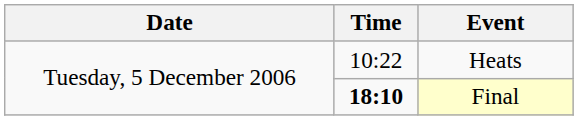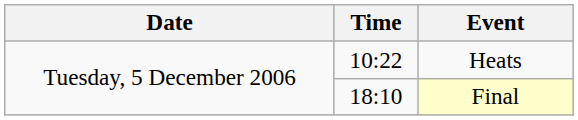 <table class = "wikitable" style="text-align:center;">
 <tr>
 <th width=220>Date</th>
 <th width=50>Time</th>
 <th width=100>Event</th>
 </tr>
 <tr>
 <td rowspan=2>Tuesday, 5 December 2006</td>
 <td>10:22</td>
 <td>Heats</td>
 </tr>
 <tr>
-<td><strong>18:10</strong></td>
+<td>18:10</td>
 <td bgcolor=ffffcc>Final</td>
 </tr>
 </table>
